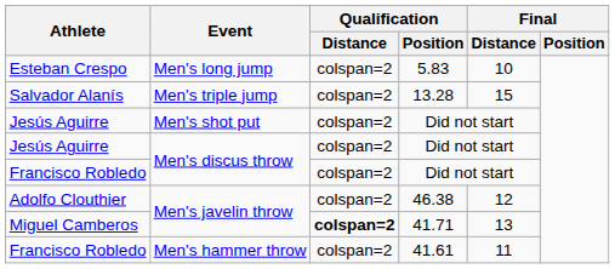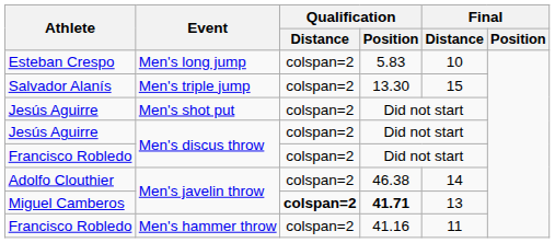 <table class=wikitable style="font-size:90%">
 <tr>
 <th rowspan="2">Athlete</th>
 <th rowspan="2">Event</th>
 <th colspan="2">Qualification</th>
 <th colspan="2">Final</th>
 </tr>
 <tr style="font-size:95%">
 <th>Distance</th>
 <th>Position</th>
 <th>Distance</th>
 <th>Position</th>
 </tr>
 <tr align=center>
 <td align=left><a href='#'>Esteban Crespo</a></td>
 <td align=left><a href='#'>Men's long jump</a></td>
 <td>colspan=2 </td>
 <td>5.83</td>
 <td>10</td>
 </tr>
 <tr align=center>
 <td align=left><a href='#'>Salvador Alanís</a></td>
 <td align=left><a href='#'>Men's triple jump</a></td>
 <td>colspan=2 </td>
-<td>13.28</td>
+<td>13.30</td>
 <td>15</td>
 </tr>
 <tr align=center>
 <td align=left><a href='#'>Jesús Aguirre</a></td>
 <td align=left><a href='#'>Men's shot put</a></td>
 <td>colspan=2 </td>
 <td colspan=2>Did not start</td>
 </tr>
 <tr align=center>
 <td align=left><a href='#'>Jesús Aguirre</a></td>
 <td align=left rowspan=2><a href='#'>Men's discus throw</a></td>
 <td>colspan=2 </td>
 <td colspan=2>Did not start</td>
 </tr>
 <tr align=center>
 <td align=left><a href='#'>Francisco Robledo</a></td>
 <td>colspan=2 </td>
 <td colspan=2>Did not start</td>
 </tr>
 <tr align=center>
 <td align=left><a href='#'>Adolfo Clouthier</a></td>
 <td align=left rowspan=2><a href='#'>Men's javelin throw</a></td>
 <td>colspan=2 </td>
 <td>46.38</td>
-<td>12</td>
+<td>14</td>
 </tr>
 <tr align=center>
 <td align=left><a href='#'>Miguel Camberos</a></td>
 <td><strong>colspan=2 </strong></td>
-<td>41.71</td>
+<td><strong>41.71</strong></td>
 <td>13</td>
 </tr>
 <tr align=center>
 <td align=left><a href='#'>Francisco Robledo</a></td>
 <td align=left><a href='#'>Men's hammer throw</a></td>
 <td>colspan=2 </td>
-<td>41.61</td>
+<td>41.16</td>
 <td>11</td>
 </tr>
 </table>
